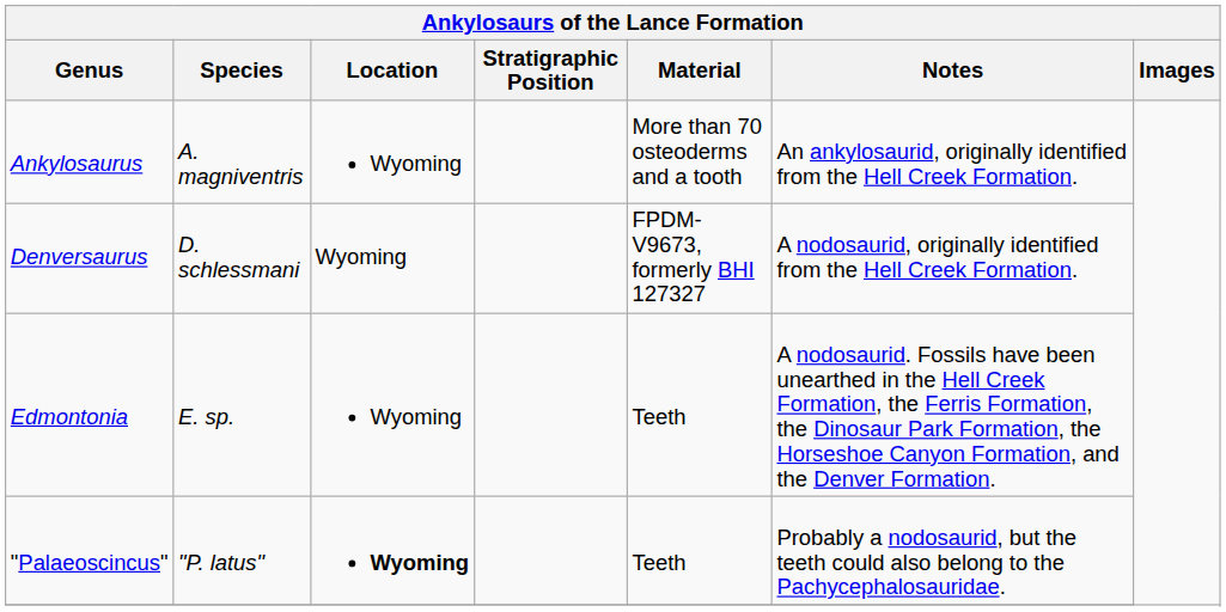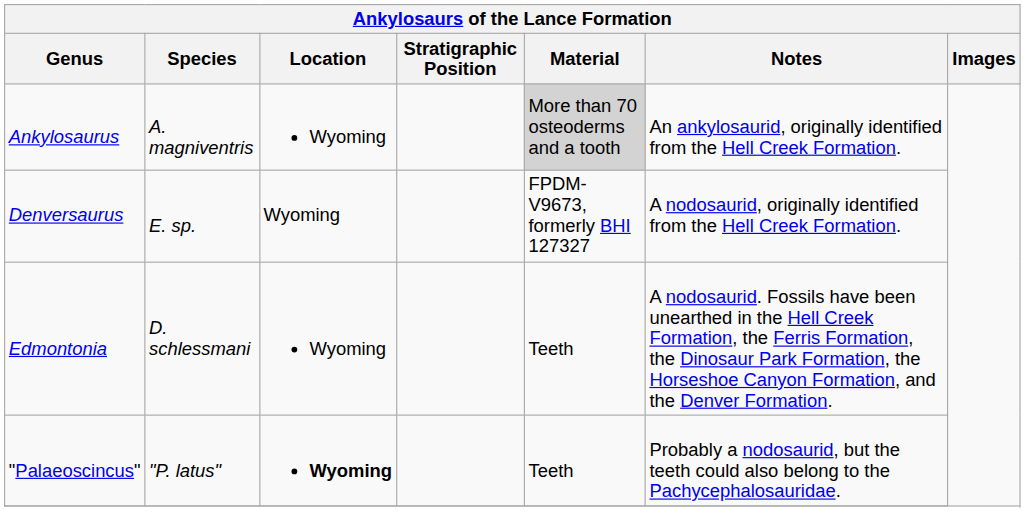 <table class="wikitable" align="center" width="100%">
 <tr>
 <th colspan="7" align="center"><strong><a href='#'>Ankylosaurs</a> of the Lance Formation</strong></th>
 </tr>
 <tr>
 <th>Genus</th>
 <th>Species</th>
 <th>Location</th>
 <th>Stratigraphic Position</th>
 <th>Material</th>
 <th>Notes</th>
 <th>Images</th>
 </tr>
 <tr>
 <td><br><em><a href='#'>Ankylosaurus</a></em></td>
 <td><br><em>A. magniventris </em></td>
 <td><br><ul><li>Wyoming</li></ul></td>
 <td></td>
-<td>More than 70 osteoderms and a tooth</td>
+<td style="background: lightgrey;">More than 70 osteoderms and a tooth</td>
 <td><br>An <a href='#'>ankylosaurid</a>, originally identified from the <a href='#'>Hell Creek Formation</a>.</td>
 <td rowspan="14"><br>  </td>
 </tr>
 <tr>
 <td><em><a href='#'>Denversaurus</a></em></td>
-<td><em>D. schlessmani</em></td>
+<td><br><em>E. sp.</em></td>
 <td>Wyoming</td>
 <td></td>
 <td>FPDM-V9673, formerly <a href='#'>BHI</a> 127327</td>
 <td>A <a href='#'>nodosaurid</a>, originally identified from the <a href='#'>Hell Creek Formation</a>.</td>
 </tr>
 <tr>
 <td><br><em><a href='#'>Edmontonia</a></em></td>
-<td><br><em>E. sp.</em></td>
+<td><em>D. schlessmani</em></td>
 <td><br><ul><li>Wyoming</li></ul></td>
 <td></td>
 <td><br>Teeth</td>
 <td><br>A <a href='#'>nodosaurid</a>. Fossils have been unearthed in the <a href='#'>Hell Creek Formation</a>, the <a href='#'>Ferris Formation</a>, the <a href='#'>Dinosaur Park Formation</a>, the <a href='#'>Horseshoe Canyon Formation</a>, and the <a href='#'>Denver Formation</a>.</td>
 </tr>
 <tr>
 <td><br>"<a href='#'>Palaeoscincus</a>"</td>
 <td><br><em>"P. latus"</em></td>
 <td><strong><br><ul><li>Wyoming</li></ul></strong></td>
 <td></td>
 <td><br>Teeth</td>
 <td><br>Probably a <a href='#'>nodosaurid</a>, but the teeth could also belong to the <a href='#'>Pachycephalosauridae</a>.</td>
 </tr>
 <tr>
 </tr>
 </table>
